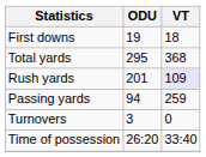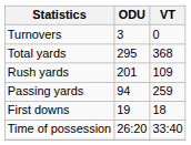 <table class="wikitable" style="float: left;">
 <tr>
 <th>Statistics</th>
 <th>ODU</th>
 <th>VT</th>
 </tr>
 <tr>
-<td>First downs</td>
-<td>19</td>
-<td>18</td>
+<td>Turnovers</td>
+<td>3</td>
+<td>0</td>
 </tr>
 <tr>
 <td>Total yards</td>
 <td>295</td>
 <td>368</td>
 </tr>
 <tr>
 <td>Rush yards</td>
 <td>201</td>
-<td style="background: lavender;">109</td>
+<td>109</td>
 </tr>
 <tr>
 <td>Passing yards</td>
 <td>94</td>
 <td>259</td>
 </tr>
 <tr>
-<td>Turnovers</td>
-<td>3</td>
-<td>0</td>
+<td>First downs</td>
+<td>19</td>
+<td>18</td>
 </tr>
 <tr>
 <td>Time of possession</td>
 <td>26:20</td>
 <td>33:40</td>
 </tr>
 <tr>
 </tr>
 </table>
